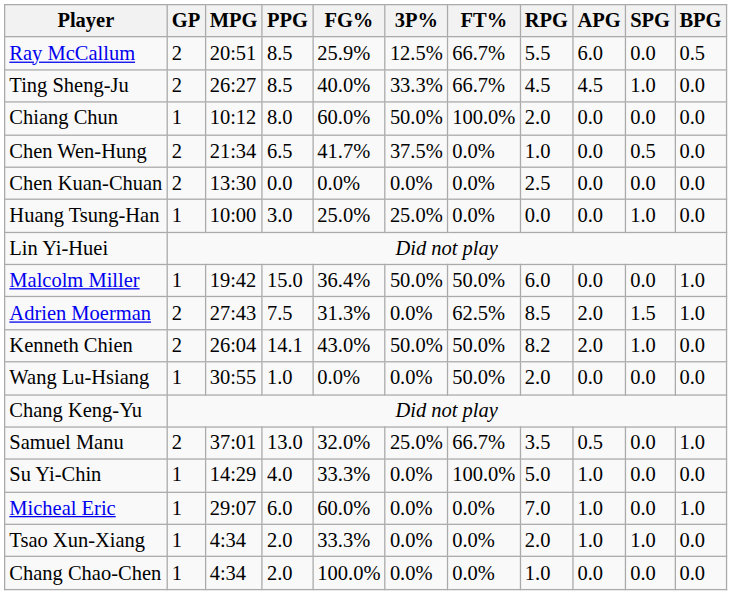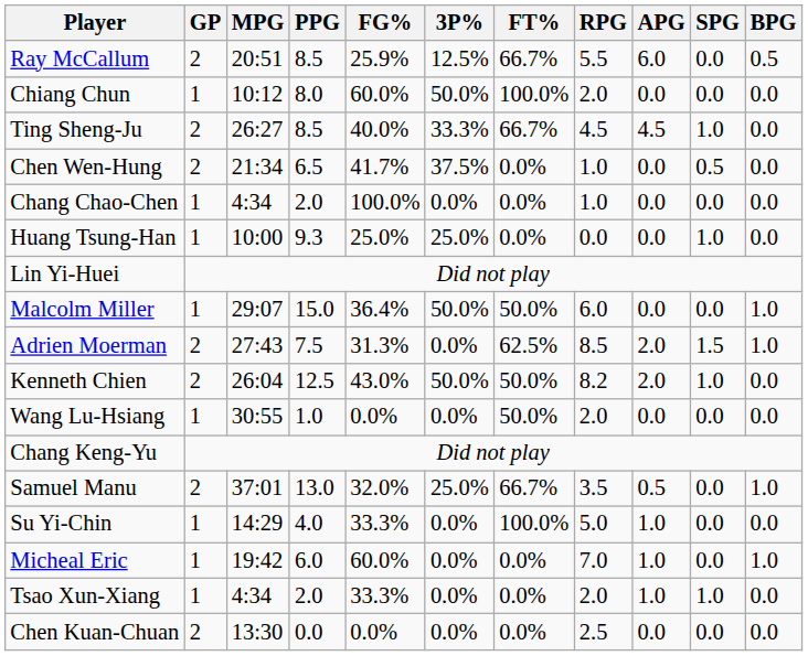 <table class="wikitable">
 <tr>
 <th>Player</th>
 <th>GP</th>
 <th>MPG</th>
 <th>PPG</th>
 <th>FG%</th>
 <th>3P%</th>
 <th>FT%</th>
 <th>RPG</th>
 <th>APG</th>
 <th>SPG</th>
 <th>BPG</th>
 </tr>
 <tr>
 <td><a href='#'>Ray McCallum</a></td>
 <td>2</td>
 <td>20:51</td>
 <td>8.5</td>
 <td>25.9%</td>
 <td>12.5%</td>
 <td>66.7%</td>
 <td>5.5</td>
 <td>6.0</td>
 <td>0.0</td>
 <td>0.5</td>
 </tr>
 <tr>
+<td>Chiang Chun</td>
+<td>1</td>
+<td>10:12</td>
+<td>8.0</td>
+<td>60.0%</td>
+<td>50.0%</td>
+<td>100.0%</td>
+<td>2.0</td>
+<td>0.0</td>
+<td>0.0</td>
+<td>0.0</td>
+</tr>
+<tr>
 <td>Ting Sheng-Ju</td>
 <td>2</td>
 <td>26:27</td>
 <td>8.5</td>
 <td>40.0%</td>
 <td>33.3%</td>
 <td>66.7%</td>
 <td>4.5</td>
 <td>4.5</td>
 <td>1.0</td>
-<td>0.0</td>
-</tr>
-<tr>
-<td>Chiang Chun</td>
-<td>1</td>
-<td>10:12</td>
-<td>8.0</td>
-<td>60.0%</td>
-<td>50.0%</td>
-<td>100.0%</td>
-<td>2.0</td>
-<td>0.0</td>
-<td>0.0</td>
 <td>0.0</td>
 </tr>
 <tr>
 <td>Chen Wen-Hung</td>
 <td>2</td>
 <td>21:34</td>
 <td>6.5</td>
 <td>41.7%</td>
 <td>37.5%</td>
 <td>0.0%</td>
 <td>1.0</td>
 <td>0.0</td>
 <td>0.5</td>
 <td>0.0</td>
 </tr>
 <tr>
-<td>Chen Kuan-Chuan</td>
-<td>2</td>
-<td>13:30</td>
-<td>0.0</td>
+<td>Chang Chao-Chen</td>
+<td>1</td>
+<td>4:34</td>
+<td>2.0</td>
+<td>100.0%</td>
 <td>0.0%</td>
 <td>0.0%</td>
-<td>0.0%</td>
-<td>2.5</td>
+<td>1.0</td>
 <td>0.0</td>
 <td>0.0</td>
 <td>0.0</td>
 </tr>
 <tr>
 <td>Huang Tsung-Han</td>
 <td>1</td>
 <td>10:00</td>
-<td>3.0</td>
+<td>9.3</td>
 <td>25.0%</td>
 <td>25.0%</td>
 <td>0.0%</td>
 <td>0.0</td>
 <td>0.0</td>
 <td>1.0</td>
 <td>0.0</td>
 </tr>
 <tr>
 <td>Lin Yi-Huei</td>
 <td colspan=10 align=center><em>Did not play</em></td>
 </tr>
 <tr>
 <td><a href='#'>Malcolm Miller</a></td>
 <td>1</td>
-<td>19:42</td>
+<td>29:07</td>
 <td>15.0</td>
 <td>36.4%</td>
 <td>50.0%</td>
 <td>50.0%</td>
 <td>6.0</td>
 <td>0.0</td>
 <td>0.0</td>
 <td>1.0</td>
 </tr>
 <tr>
 <td><a href='#'>Adrien Moerman</a></td>
 <td>2</td>
 <td>27:43</td>
 <td>7.5</td>
 <td>31.3%</td>
 <td>0.0%</td>
 <td>62.5%</td>
 <td>8.5</td>
 <td>2.0</td>
 <td>1.5</td>
 <td>1.0</td>
 </tr>
 <tr>
 <td>Kenneth Chien</td>
 <td>2</td>
 <td>26:04</td>
-<td>14.1</td>
+<td>12.5</td>
 <td>43.0%</td>
 <td>50.0%</td>
 <td>50.0%</td>
 <td>8.2</td>
 <td>2.0</td>
 <td>1.0</td>
 <td>0.0</td>
 </tr>
 <tr>
 <td>Wang Lu-Hsiang</td>
 <td>1</td>
 <td>30:55</td>
 <td>1.0</td>
 <td>0.0%</td>
 <td>0.0%</td>
 <td>50.0%</td>
 <td>2.0</td>
 <td>0.0</td>
 <td>0.0</td>
 <td>0.0</td>
 </tr>
 <tr>
 <td>Chang Keng-Yu</td>
 <td colspan=10 align=center><em>Did not play</em></td>
 </tr>
 <tr>
 <td>Samuel Manu</td>
 <td>2</td>
 <td>37:01</td>
 <td>13.0</td>
 <td>32.0%</td>
 <td>25.0%</td>
 <td>66.7%</td>
 <td>3.5</td>
 <td>0.5</td>
 <td>0.0</td>
 <td>1.0</td>
 </tr>
 <tr>
 <td>Su Yi-Chin</td>
 <td>1</td>
 <td>14:29</td>
 <td>4.0</td>
 <td>33.3%</td>
 <td>0.0%</td>
 <td>100.0%</td>
 <td>5.0</td>
 <td>1.0</td>
 <td>0.0</td>
 <td>0.0</td>
 </tr>
 <tr>
 <td><a href='#'>Micheal Eric</a></td>
 <td>1</td>
-<td>29:07</td>
+<td>19:42</td>
 <td>6.0</td>
 <td>60.0%</td>
 <td>0.0%</td>
 <td>0.0%</td>
 <td>7.0</td>
 <td>1.0</td>
 <td>0.0</td>
 <td>1.0</td>
 </tr>
 <tr>
 <td>Tsao Xun-Xiang</td>
 <td>1</td>
 <td>4:34</td>
 <td>2.0</td>
 <td>33.3%</td>
 <td>0.0%</td>
 <td>0.0%</td>
 <td>2.0</td>
 <td>1.0</td>
 <td>1.0</td>
 <td>0.0</td>
 </tr>
 <tr>
-<td>Chang Chao-Chen</td>
-<td>1</td>
-<td>4:34</td>
-<td>2.0</td>
-<td>100.0%</td>
+<td>Chen Kuan-Chuan</td>
+<td>2</td>
+<td>13:30</td>
+<td>0.0</td>
 <td>0.0%</td>
 <td>0.0%</td>
-<td>1.0</td>
+<td>0.0%</td>
+<td>2.5</td>
 <td>0.0</td>
 <td>0.0</td>
 <td>0.0</td>
 </tr>
 </table>
